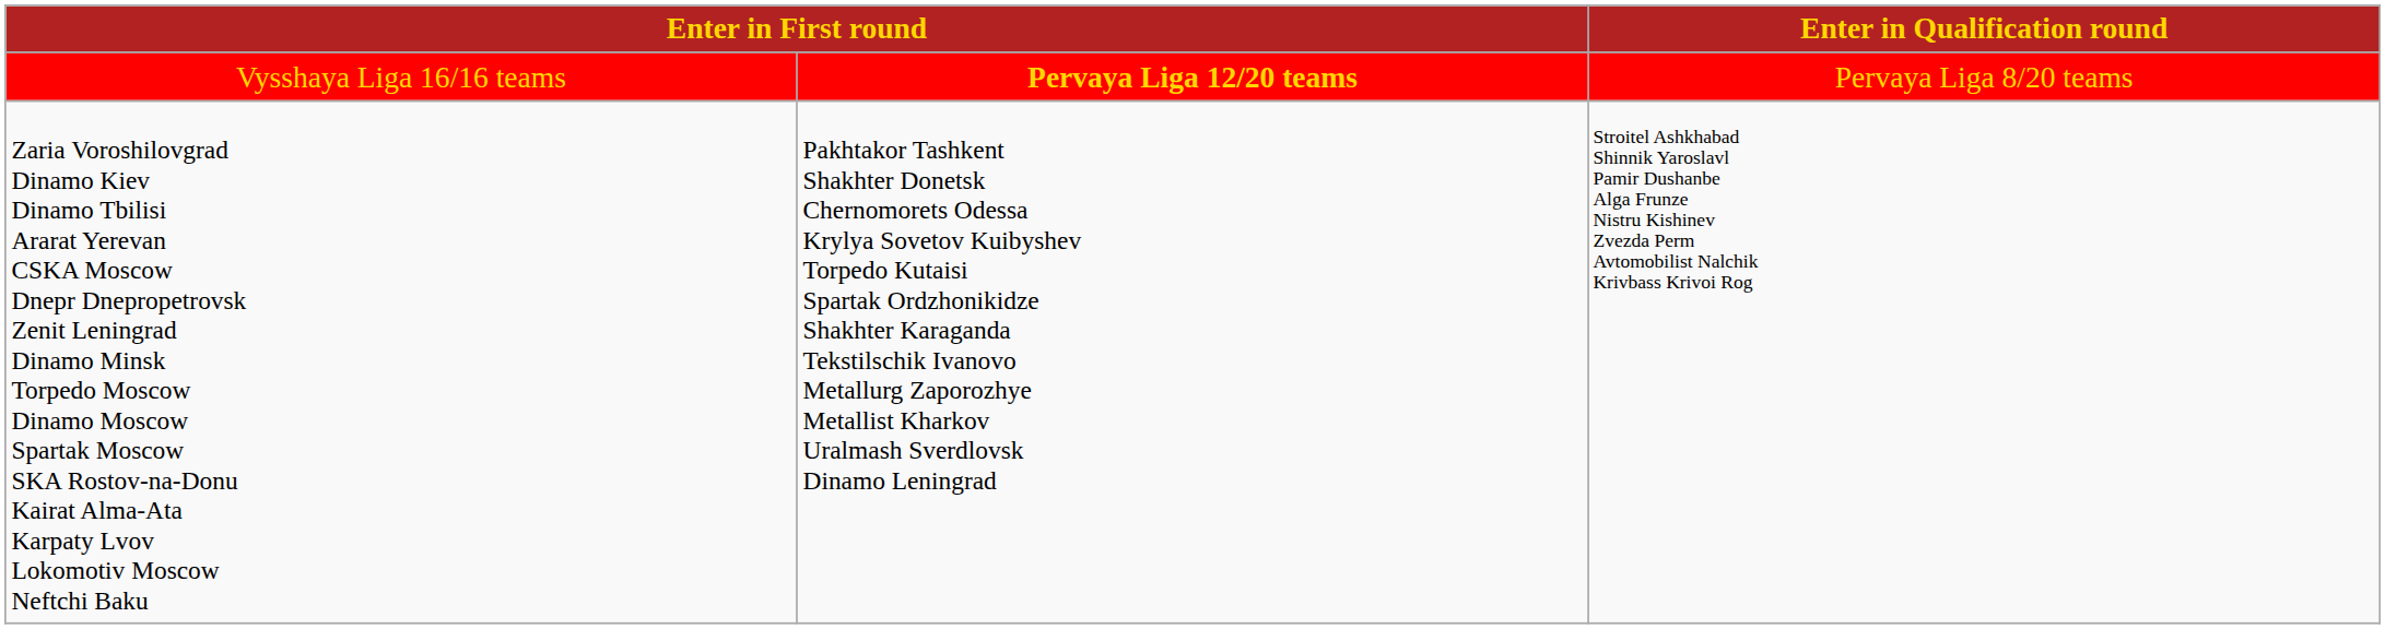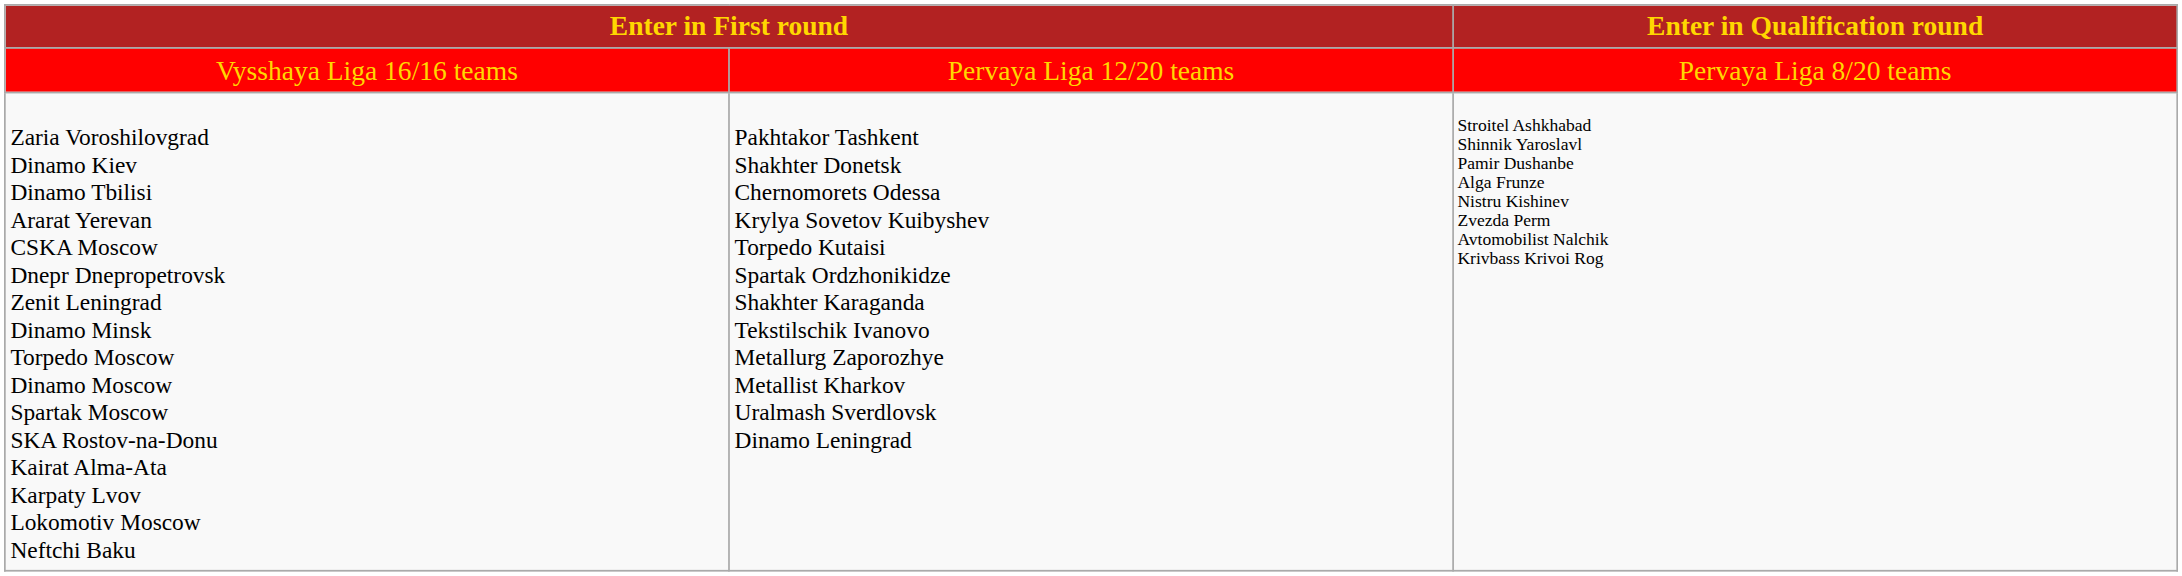 <table class="wikitable" style="width:100%;">
 <tr style="background:Firebrick; text-align:center;">
 <td style="width:67%; color:Gold" colspan="2"><strong>Enter in First round</strong></td>
 <td style="width:33%; color:Gold" colspan="1"><strong>Enter in Qualification round</strong></td>
 </tr>
 <tr style="background:Red;">
 <td style="text-align:center; width:33%; color:Gold" colspan=1>Vysshaya Liga 16/16 teams</td>
-<td style="text-align:center; width:33%; color:Gold" colspan=1><strong>Pervaya Liga 12/20 teams</strong></td>
+<td style="text-align:center; width:33%; color:Gold" colspan=1>Pervaya Liga 12/20 teams</td>
 <td style="text-align:center; width:33%; color:Gold" colspan=1>Pervaya Liga 8/20 teams</td>
 </tr>
 <tr style="vertical-align:top; font-size:85%;">
 <td><br> Zaria Voroshilovgrad<br>  Dinamo Kiev<br>  Dinamo Tbilisi<br>  Ararat Yerevan<br>  CSKA Moscow<br>  Dnepr Dnepropetrovsk<br>  Zenit Leningrad<br>  Dinamo Minsk<br>  Torpedo Moscow<br>  Dinamo Moscow<br>  Spartak Moscow<br>  SKA Rostov-na-Donu<br>  Kairat Alma-Ata<br>  Karpaty Lvov<br>  Lokomotiv Moscow<br>  Neftchi Baku<br></td>
 <td><br> Pakhtakor Tashkent<br>  Shakhter Donetsk<br>  Chernomorets Odessa<br>  Krylya Sovetov Kuibyshev<br>  Torpedo Kutaisi<br>  Spartak Ordzhonikidze<br>  Shakhter Karaganda<br>  Tekstilschik Ivanovo<br>  Metallurg Zaporozhye<br>  Metallist Kharkov<br>  Uralmash Sverdlovsk<br>  Dinamo Leningrad<br></td>
 <td style="font-size:75%;"><br> Stroitel Ashkhabad<br>  Shinnik Yaroslavl<br>  Pamir Dushanbe<br>  Alga Frunze<br>  Nistru Kishinev<br>  Zvezda Perm<br>  Avtomobilist Nalchik<br>  Krivbass Krivoi Rog<br></td>
 </tr>
 </table>
